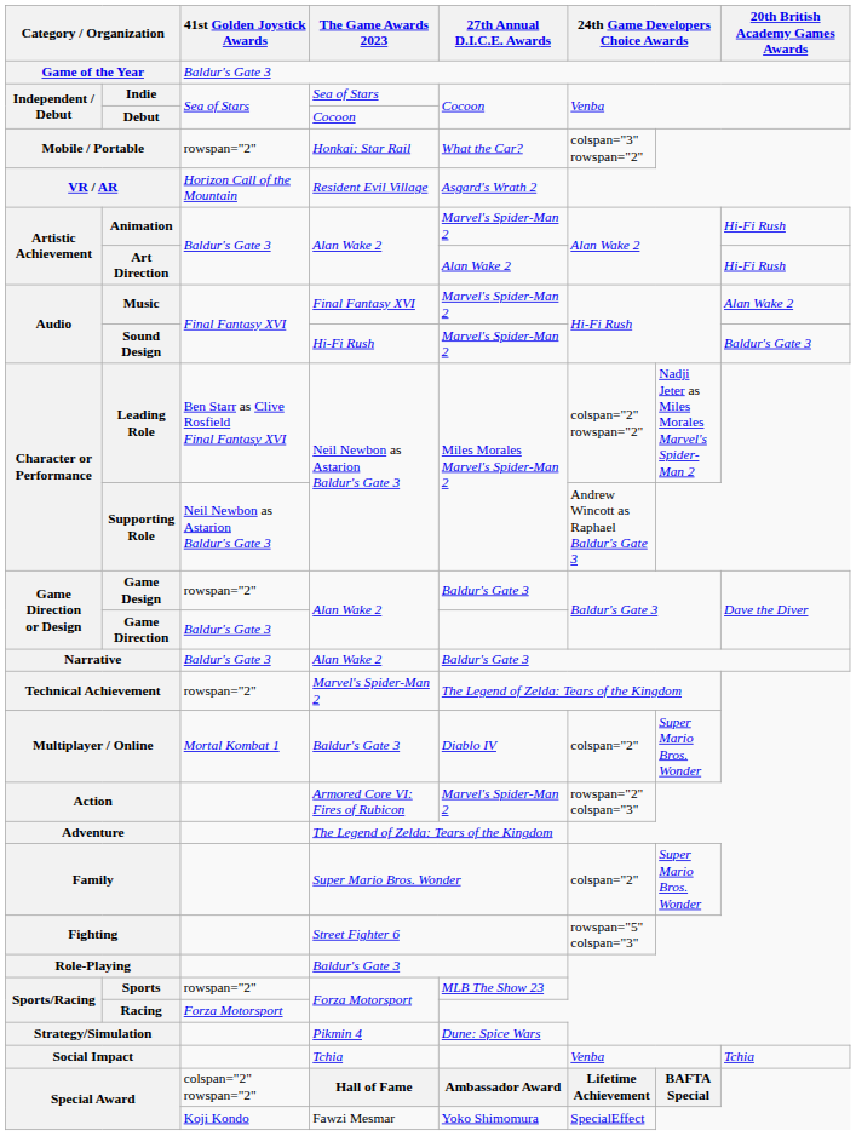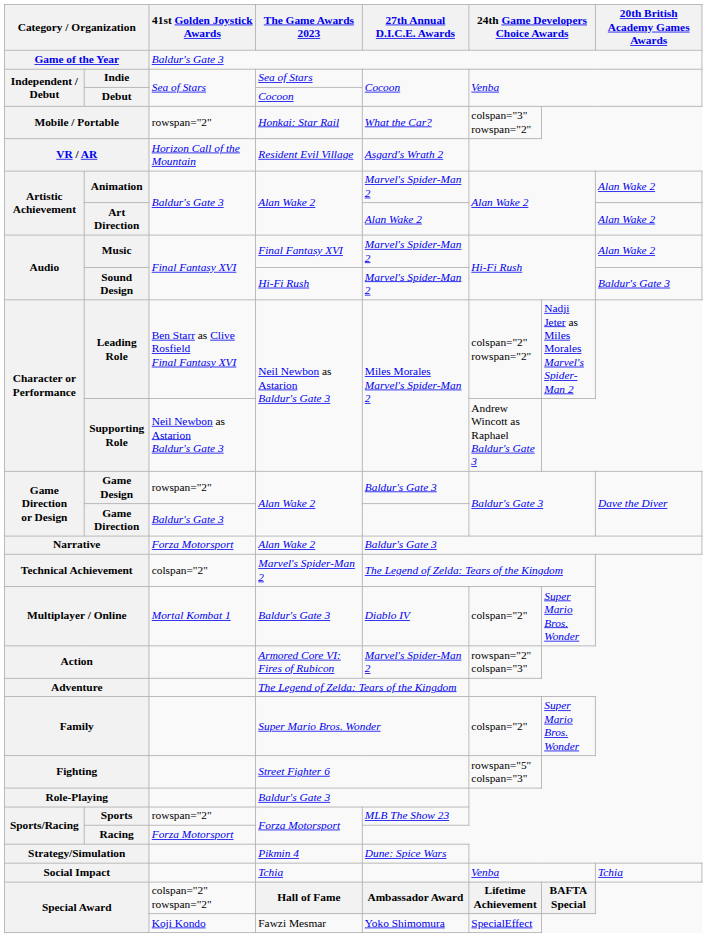 <table class="wikitable" style="border:none; margin:0; width:100%; font-size: 90%;">
 <tr>
 <th colspan="2" style="width:16%;">Category / Organization</th>
 <th ! style="width:14%;">41st <a href='#'>Golden Joystick Awards</a><br></th>
 <th ! style="width:14%;"><a href='#'>The Game Awards 2023</a><br></th>
 <th ! style="width:14%;"><a href='#'>27th Annual D.I.C.E. Awards</a><br></th>
 <th ! style="width:14%;" colspan="2">24th <a href='#'>Game Developers Choice Awards</a><br></th>
 <th ! style="width:14%;"><a href='#'>20th British Academy Games Awards</a><br></th>
 </tr>
 <tr>
 <th scope="row" colspan="2"><a href='#'>Game of the Year</a></th>
 <td colspan="6"><em><a href='#'>Baldur's Gate 3</a></em></td>
 </tr>
 <tr>
 <th scope="row"  rowspan="2" style="width:9%;">Independent / Debut</th>
 <th>Indie</th>
 <td rowspan="2"><em><a href='#'>Sea of Stars</a></em></td>
 <td><em><a href='#'>Sea of Stars</a></em></td>
 <td rowspan="2"><em><a href='#'>Cocoon</a></em></td>
 <td rowspan="2" colspan="3"><em><a href='#'>Venba</a></em></td>
 </tr>
 <tr>
 <th scope="row">Debut</th>
 <td><em><a href='#'>Cocoon</a></em></td>
 </tr>
 <tr>
 <th scope="row" colspan="2">Mobile / Portable</th>
 <td>rowspan="2" </td>
 <td><em><a href='#'>Honkai: Star Rail</a></em></td>
 <td><em><a href='#'>What the Car?</a></em></td>
 <td>colspan="3" rowspan="2" </td>
 </tr>
 <tr>
 <th scope="row" colspan="2"><a href='#'>VR</a> / <a href='#'>AR</a></th>
 <td><em><a href='#'>Horizon Call of the Mountain</a></em></td>
 <td><em><a href='#'>Resident Evil Village</a></em></td>
 <td><em><a href='#'>Asgard's Wrath 2</a></em></td>
 </tr>
 <tr>
 <th scope="row" rowspan="2" style="width:9%;">Artistic Achievement</th>
 <th>Animation</th>
 <td rowspan="2"><em><a href='#'>Baldur's Gate 3</a></em></td>
 <td rowspan="2"><em><a href='#'>Alan Wake 2</a></em></td>
 <td><em><a href='#'>Marvel's Spider-Man 2</a></em></td>
 <td rowspan="2" colspan="2"><em><a href='#'>Alan Wake 2</a></em></td>
-<td><em><a href='#'>Hi-Fi Rush</a></em></td>
+<td><em><a href='#'>Alan Wake 2</a></em></td>
 </tr>
 <tr>
 <th scope="row">Art Direction</th>
 <td><em><a href='#'>Alan Wake 2</a></em></td>
-<td><em><a href='#'>Hi-Fi Rush</a></em></td>
+<td><em><a href='#'>Alan Wake 2</a></em></td>
 </tr>
 <tr>
 <th scope="row" rowspan="2" style="width:9%;">Audio</th>
 <th>Music</th>
 <td rowspan="2"><em><a href='#'>Final Fantasy XVI</a></em></td>
 <td><em><a href='#'>Final Fantasy XVI</a></em></td>
 <td><em><a href='#'>Marvel's Spider-Man 2</a></em></td>
 <td colspan="2" rowspan="2"><em><a href='#'>Hi-Fi Rush</a></em></td>
 <td><em><a href='#'>Alan Wake 2</a></em></td>
 </tr>
 <tr>
 <th scope="row">Sound Design</th>
 <td><em><a href='#'>Hi-Fi Rush</a></em></td>
 <td><em><a href='#'>Marvel's Spider-Man 2</a></em></td>
 <td><em><a href='#'>Baldur's Gate 3</a></em></td>
 </tr>
 <tr>
 <th scope="row" rowspan="2">Character or Performance</th>
 <th>Leading Role</th>
 <td><a href='#'>Ben Starr</a> as <a href='#'>Clive Rosfield</a><br><em><a href='#'>Final Fantasy XVI</a></em></td>
 <td rowspan="2"><a href='#'>Neil Newbon</a> as <a href='#'>Astarion</a><br> <em><a href='#'>Baldur's Gate 3</a></em></td>
 <td rowspan="2"><a href='#'>Miles Morales</a> <br><em><a href='#'>Marvel's Spider-Man 2</a></em></td>
 <td>colspan="2" rowspan="2" </td>
 <td><a href='#'>Nadji Jeter</a> as <a href='#'>Miles Morales</a><br><em><a href='#'>Marvel's Spider-Man 2</a></em></td>
 </tr>
 <tr>
 <th scope="row">Supporting Role</th>
 <td><a href='#'>Neil Newbon</a> as <a href='#'>Astarion</a><br> <em><a href='#'>Baldur's Gate 3</a></em></td>
 <td>Andrew Wincott as Raphael<br><em><a href='#'>Baldur's Gate 3</a></em></td>
 </tr>
 <tr>
 <th scope="row" rowspan="2" style="width:9%;">Game Direction <br>or Design</th>
 <th>Game Design</th>
 <td>rowspan="2" </td>
 <td rowspan="2"><em><a href='#'>Alan Wake 2</a></em></td>
 <td><em><a href='#'>Baldur's Gate 3</a></em></td>
 <td colspan="2" rowspan="2"><em><a href='#'>Baldur's Gate 3</a></em></td>
 <td rowspan="2"><em><a href='#'>Dave the Diver</a></em></td>
 </tr>
 <tr>
 <th scope="row">Game Direction</th>
 <td><em><a href='#'>Baldur's Gate 3</a></em></td>
 </tr>
 <tr>
 <th scope="row" colspan="2">Narrative</th>
-<td><em><a href='#'>Baldur's Gate 3</a></em></td>
+<td><em><a href='#'>Forza Motorsport</a></em></td>
 <td><em><a href='#'>Alan Wake 2</a></em></td>
 <td colspan="4"><em><a href='#'>Baldur's Gate 3</a></em></td>
 </tr>
 <tr>
 <th scope="row" colspan="2">Technical Achievement</th>
-<td>rowspan="2" </td>
+<td>colspan="2" </td>
 <td><em><a href='#'>Marvel's Spider-Man 2</a></em></td>
 <td colspan="3"><em><a href='#'>The Legend of Zelda: Tears of the Kingdom</a></em></td>
 </tr>
 <tr>
 <th scope="row" colspan="2">Multiplayer / Online</th>
 <td><em><a href='#'>Mortal Kombat 1</a></em></td>
 <td><em><a href='#'>Baldur's Gate 3</a></em></td>
 <td><em><a href='#'>Diablo IV</a></em></td>
 <td>colspan="2" </td>
 <td><em><a href='#'>Super Mario Bros. Wonder</a></em></td>
 </tr>
 <tr>
 <th scope="row" colspan="2">Action</th>
 <td></td>
 <td><em><a href='#'>Armored Core VI: Fires of Rubicon</a></em></td>
 <td><em><a href='#'>Marvel's Spider-Man 2</a></em></td>
 <td>rowspan="2" colspan="3" </td>
 </tr>
 <tr>
 <th scope="row" colspan="2">Adventure</th>
 <td></td>
 <td colspan="2"><em><a href='#'>The Legend of Zelda: Tears of the Kingdom</a></em></td>
 </tr>
 <tr>
 <th scope="row" colspan="2">Family</th>
 <td></td>
 <td colspan="2"><em><a href='#'>Super Mario Bros. Wonder</a></em></td>
 <td>colspan="2" </td>
 <td><em><a href='#'>Super Mario Bros. Wonder</a></em></td>
 </tr>
 <tr>
 <th scope="row" colspan="2">Fighting</th>
 <td></td>
 <td colspan="2"><em><a href='#'>Street Fighter 6</a></em></td>
 <td>rowspan="5" colspan="3" </td>
 </tr>
 <tr>
 <th scope="row" colspan="2">Role-Playing</th>
 <td></td>
 <td colspan="2"><em><a href='#'>Baldur's Gate 3</a></em></td>
 </tr>
 <tr>
 <th scope="row" rowspan="2">Sports/Racing</th>
 <th>Sports</th>
 <td>rowspan="2" </td>
 <td rowspan="2"><em><a href='#'>Forza Motorsport</a></em></td>
 <td><em><a href='#'>MLB The Show 23</a></em></td>
 </tr>
 <tr>
 <th>Racing</th>
 <td><em><a href='#'>Forza Motorsport</a></em></td>
 </tr>
 <tr>
 <th scope="row" colspan="2">Strategy/Simulation</th>
 <td></td>
 <td><em><a href='#'>Pikmin 4</a></em></td>
 <td><em><a href='#'>Dune: Spice Wars</a></em></td>
 </tr>
 <tr>
 <th scope="row" colspan="2">Social Impact</th>
 <td></td>
 <td><em><a href='#'>Tchia</a></em></td>
 <td></td>
 <td colspan="2"><em><a href='#'>Venba</a></em></td>
 <td><em><a href='#'>Tchia</a></em></td>
 </tr>
 <tr>
 <th scope="row" rowspan="2" colspan="2">Special Award</th>
 <td>colspan="2" rowspan="2" </td>
 <th width="7%">Hall of Fame</th>
 <th width="7%">Ambassador Award</th>
 <th>Lifetime Achievement</th>
 <th>BAFTA Special</th>
 </tr>
 <tr>
 <td><a href='#'>Koji Kondo</a></td>
 <td>Fawzi Mesmar</td>
 <td><a href='#'>Yoko Shimomura</a></td>
 <td><a href='#'>SpecialEffect</a></td>
 </tr>
 </table>
